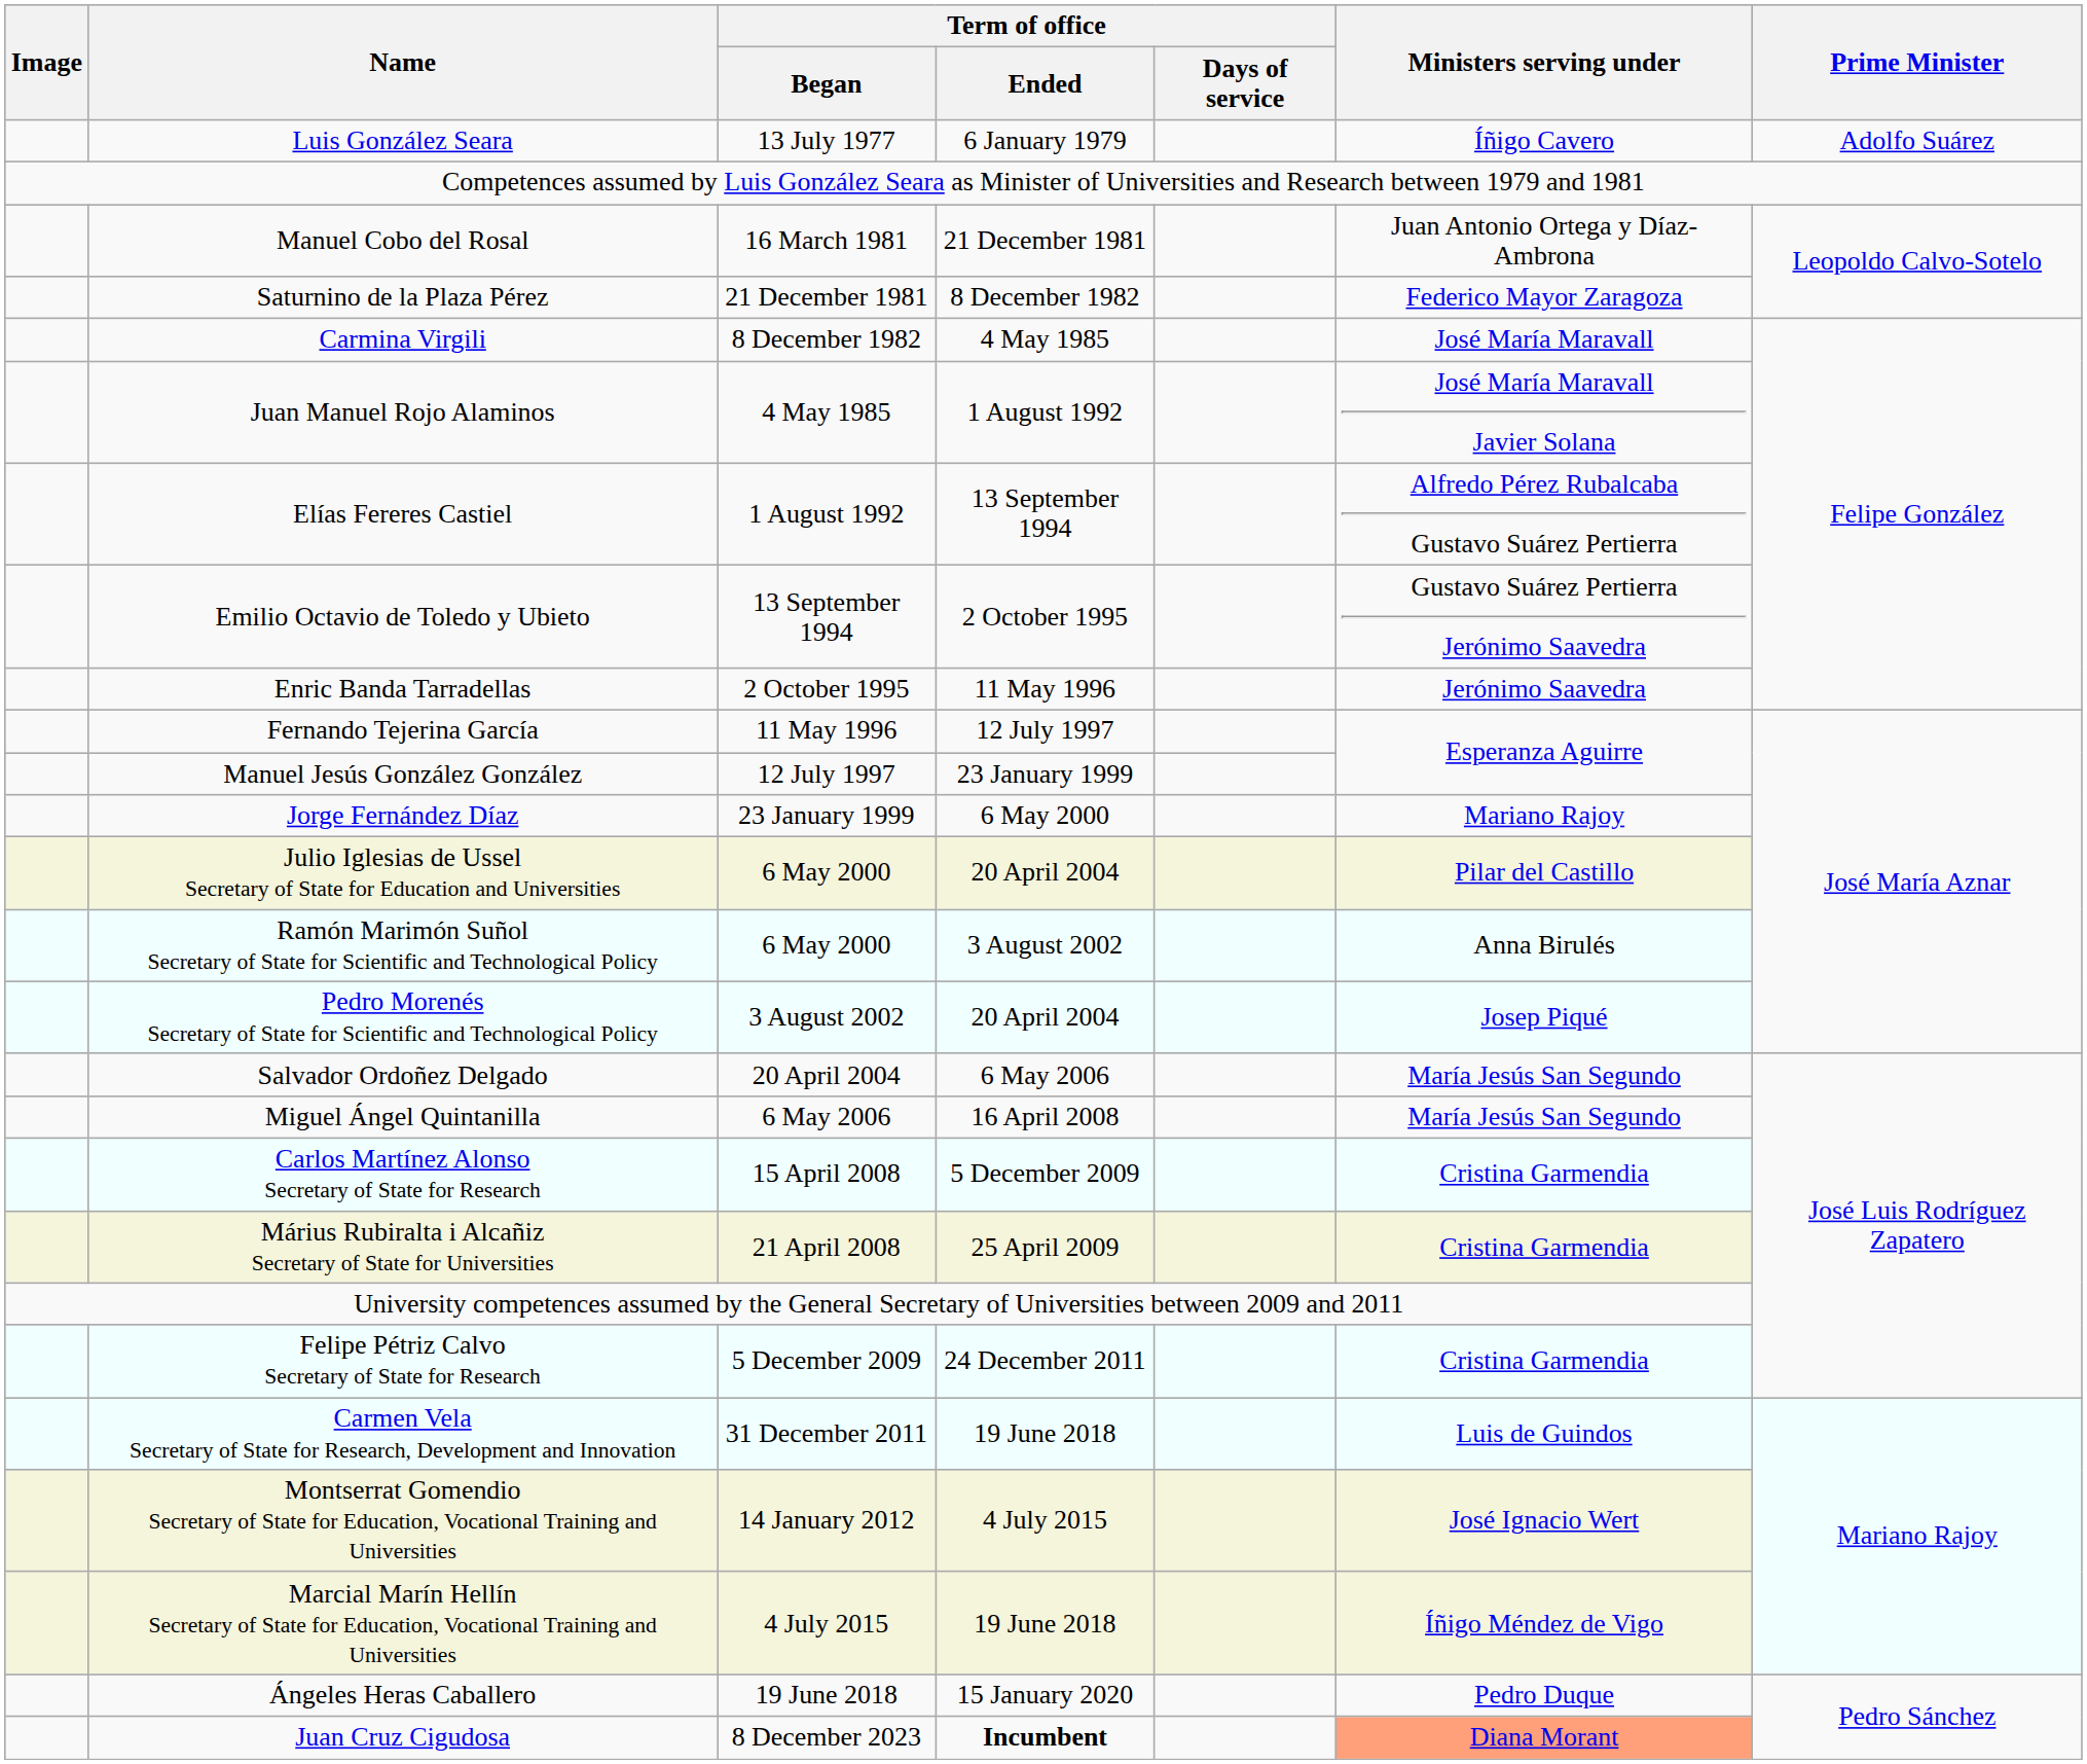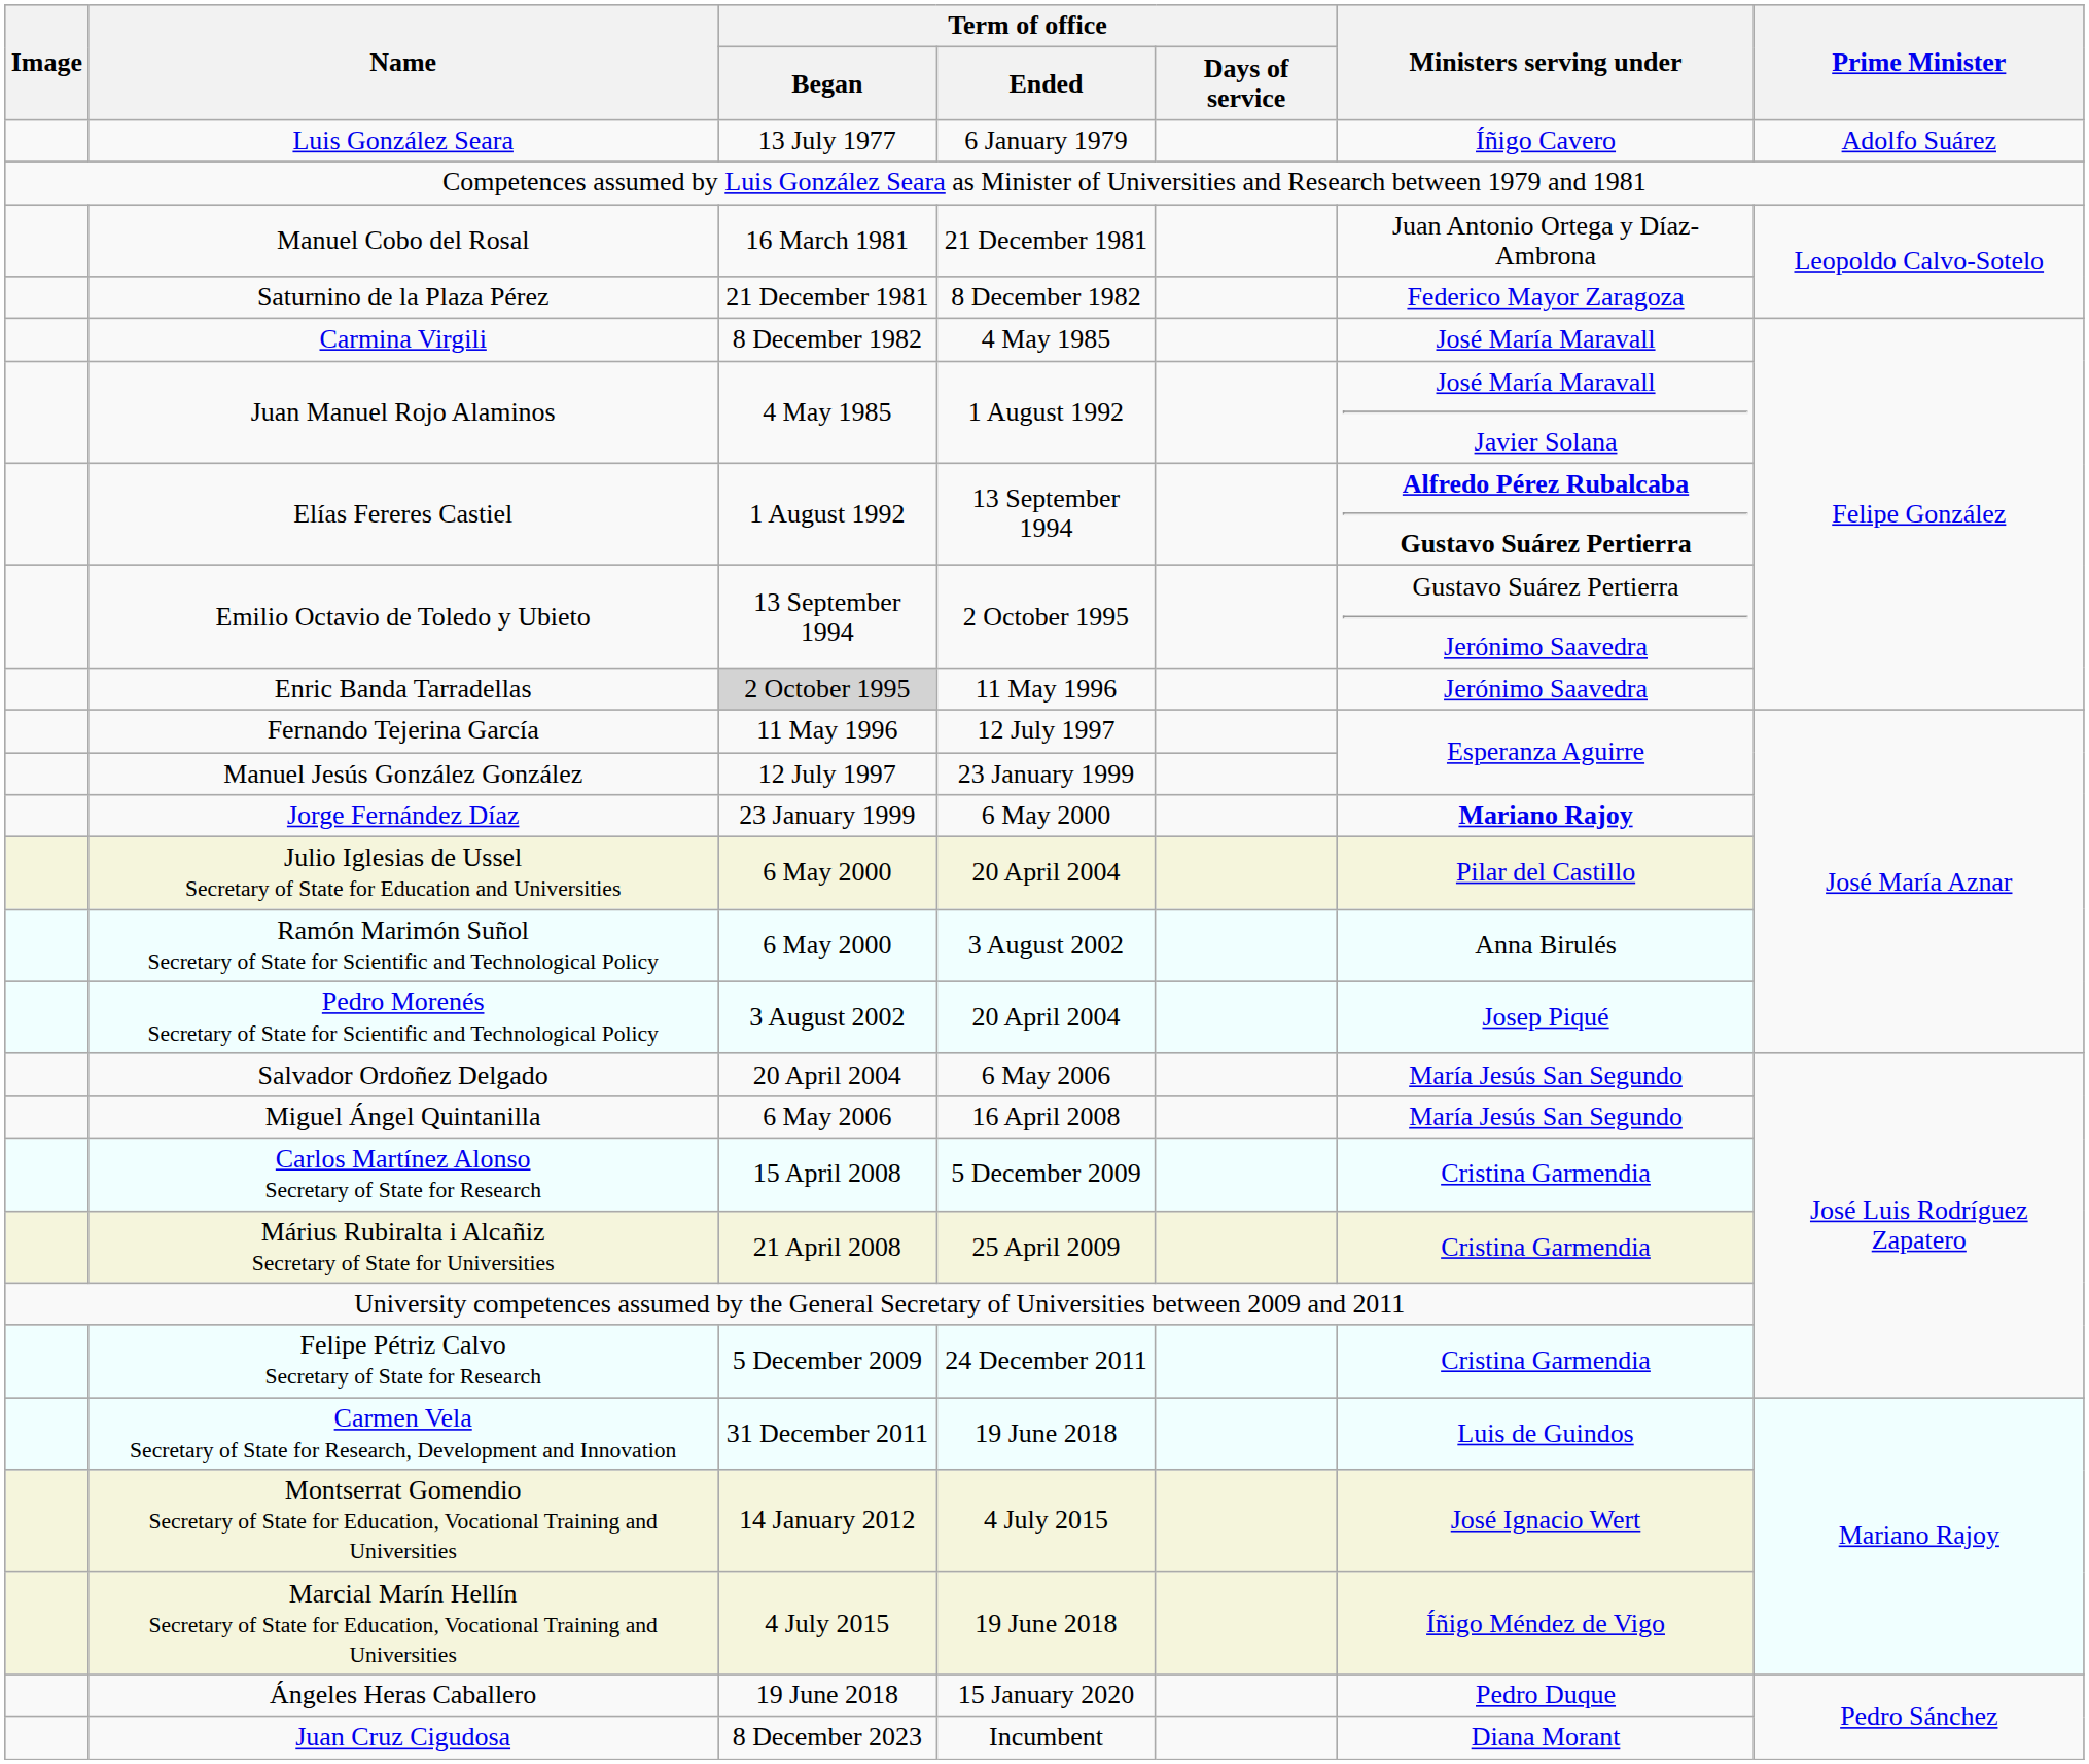 <table class="wikitable sortable" style="clear:right; text-align:center">
 <tr>
 <th rowspan="2">Image</th>
 <th rowspan="2">Name</th>
 <th colspan="3">Term of office</th>
 <th rowspan="2">Ministers serving under</th>
 <th rowspan="2"><a href='#'>Prime Minister</a></th>
 </tr>
 <tr>
 <th>Began</th>
 <th>Ended</th>
 <th>Days of service</th>
 </tr>
 <tr>
 <td></td>
 <td><a href='#'>Luis González Seara</a></td>
 <td>13 July 1977</td>
 <td>6 January 1979</td>
 <td></td>
 <td><a href='#'>Íñigo Cavero</a></td>
 <td><a href='#'>Adolfo Suárez</a></td>
 </tr>
 <tr>
 <td style="text-align:center;" colspan="8">Competences assumed by <a href='#'>Luis González Seara</a> as Minister of Universities and Research between 1979 and 1981</td>
 </tr>
 <tr>
 <td></td>
 <td>Manuel Cobo del Rosal</td>
 <td>16 March 1981</td>
 <td>21 December 1981</td>
 <td></td>
 <td>Juan Antonio Ortega y Díaz-Ambrona</td>
 <td rowspan="2"><a href='#'>Leopoldo Calvo-Sotelo</a></td>
 </tr>
 <tr>
 <td></td>
 <td>Saturnino de la Plaza Pérez</td>
 <td>21 December 1981</td>
 <td>8 December 1982</td>
 <td></td>
 <td><a href='#'>Federico Mayor Zaragoza</a></td>
 </tr>
 <tr>
 <td></td>
 <td><a href='#'>Carmina Virgili</a></td>
 <td>8 December 1982</td>
 <td>4 May 1985</td>
 <td></td>
 <td><a href='#'>José María Maravall</a></td>
 <td rowspan="5"><a href='#'>Felipe González</a></td>
 </tr>
 <tr>
 <td></td>
 <td>Juan Manuel Rojo Alaminos</td>
 <td>4 May 1985</td>
 <td>1 August 1992</td>
 <td></td>
 <td><a href='#'>José María Maravall</a><hr><a href='#'>Javier Solana</a></td>
 </tr>
 <tr>
 <td></td>
 <td>Elías Fereres Castiel</td>
 <td>1 August 1992</td>
 <td>13 September 1994</td>
 <td></td>
-<td><a href='#'>Alfredo Pérez Rubalcaba</a><hr>Gustavo Suárez Pertierra</td>
+<td><strong><a href='#'>Alfredo Pérez Rubalcaba</a><hr>Gustavo Suárez Pertierra</strong></td>
 </tr>
 <tr>
 <td></td>
 <td>Emilio Octavio de Toledo y Ubieto</td>
 <td>13 September 1994</td>
 <td>2 October 1995</td>
 <td></td>
 <td>Gustavo Suárez Pertierra<hr><a href='#'>Jerónimo Saavedra</a></td>
 </tr>
 <tr>
 <td></td>
 <td>Enric Banda Tarradellas</td>
-<td>2 October 1995</td>
+<td style="background: lightgrey;">2 October 1995</td>
 <td>11 May 1996</td>
 <td></td>
 <td><a href='#'>Jerónimo Saavedra</a></td>
 </tr>
 <tr>
 <td></td>
 <td>Fernando Tejerina García</td>
 <td>11 May 1996</td>
 <td>12 July 1997</td>
 <td></td>
 <td rowspan="2"><a href='#'>Esperanza Aguirre</a></td>
 <td rowspan="6"><a href='#'>José María Aznar</a></td>
 </tr>
 <tr>
 <td></td>
 <td>Manuel Jesús González González</td>
 <td>12 July 1997</td>
 <td>23 January 1999</td>
 <td></td>
 </tr>
 <tr>
 <td></td>
 <td><a href='#'>Jorge Fernández Díaz</a></td>
 <td>23 January 1999</td>
 <td>6 May 2000</td>
 <td></td>
-<td><a href='#'>Mariano Rajoy</a></td>
+<td><strong><a href='#'>Mariano Rajoy</a></strong></td>
 </tr>
 <tr bgcolor="Beige">
 <td></td>
 <td>Julio Iglesias de Ussel<br><small>Secretary of State for Education and Universities</small></td>
 <td>6 May 2000</td>
 <td>20 April 2004</td>
 <td></td>
 <td><a href='#'>Pilar del Castillo</a></td>
 </tr>
 <tr bgcolor="Azure">
 <td></td>
 <td>Ramón Marimón Suñol<br><small>Secretary of State for Scientific and Technological Policy</small></td>
 <td>6 May 2000</td>
 <td>3 August 2002</td>
 <td></td>
 <td>Anna Birulés</td>
 </tr>
 <tr bgcolor="Azure">
 <td></td>
 <td><a href='#'>Pedro Morenés</a><br><small>Secretary of State for Scientific and Technological Policy</small></td>
 <td>3 August 2002</td>
 <td>20 April 2004</td>
 <td></td>
 <td><a href='#'>Josep Piqué</a></td>
 </tr>
 <tr>
 <td></td>
 <td>Salvador Ordoñez Delgado</td>
 <td>20 April 2004</td>
 <td>6 May 2006</td>
 <td></td>
 <td><a href='#'>María Jesús San Segundo</a></td>
 <td rowspan="6"><a href='#'>José Luis Rodríguez Zapatero</a></td>
 </tr>
 <tr>
 <td></td>
 <td>Miguel Ángel Quintanilla</td>
 <td>6 May 2006</td>
 <td>16 April 2008</td>
 <td></td>
 <td><a href='#'>María Jesús San Segundo</a></td>
 </tr>
 <tr bgcolor="Azure">
 <td></td>
 <td><a href='#'>Carlos Martínez Alonso</a><br><small>Secretary of State for Research</small></td>
 <td>15 April 2008</td>
 <td>5 December 2009</td>
 <td></td>
 <td><a href='#'>Cristina Garmendia</a></td>
 </tr>
 <tr bgcolor="Beige">
 <td></td>
 <td>Márius Rubiralta i Alcañiz<br><small>Secretary of State for Universities</small></td>
 <td>21 April 2008</td>
 <td>25 April 2009</td>
 <td></td>
 <td><a href='#'>Cristina Garmendia</a></td>
 </tr>
 <tr>
 <td style="text-align:center;" colspan="6">University competences assumed by the General Secretary of Universities between 2009 and 2011</td>
 </tr>
 <tr bgcolor="Azure">
 <td></td>
 <td>Felipe Pétriz Calvo<br><small>Secretary of State for Research</small></td>
 <td>5 December 2009</td>
 <td>24 December 2011</td>
 <td></td>
 <td><a href='#'>Cristina Garmendia</a></td>
 </tr>
 <tr bgcolor="Azure">
 <td></td>
 <td><a href='#'>Carmen Vela</a><br><small>Secretary of State for Research, Development and Innovation</small></td>
 <td>31 December 2011</td>
 <td>19 June 2018</td>
 <td></td>
 <td><a href='#'>Luis de Guindos</a></td>
 <td rowspan="3"><a href='#'>Mariano Rajoy</a></td>
 </tr>
 <tr bgcolor="Beige">
 <td></td>
 <td>Montserrat Gomendio<br><small>Secretary of State for Education, Vocational Training and Universities</small></td>
 <td>14 January 2012</td>
 <td>4 July 2015</td>
 <td></td>
 <td><a href='#'>José Ignacio Wert</a></td>
 </tr>
 <tr bgcolor="Beige">
 <td></td>
 <td>Marcial Marín Hellín<br><small>Secretary of State for Education, Vocational Training and Universities</small></td>
 <td>4 July 2015</td>
 <td>19 June 2018</td>
 <td></td>
 <td><a href='#'>Íñigo Méndez de Vigo</a></td>
 </tr>
 <tr>
 <td></td>
 <td>Ángeles Heras Caballero</td>
 <td>19 June 2018</td>
 <td>15 January 2020</td>
 <td></td>
 <td><a href='#'>Pedro Duque</a></td>
 <td rowspan="2"><a href='#'>Pedro Sánchez</a></td>
 </tr>
 <tr>
 <td></td>
 <td><a href='#'>Juan Cruz Cigudosa</a></td>
 <td>8 December 2023</td>
-<td><strong>Incumbent</strong></td>
+<td>Incumbent</td>
 <td></td>
-<td style="background: lightsalmon;"><a href='#'>Diana Morant</a></td>
+<td><a href='#'>Diana Morant</a></td>
 </tr>
 </table>
